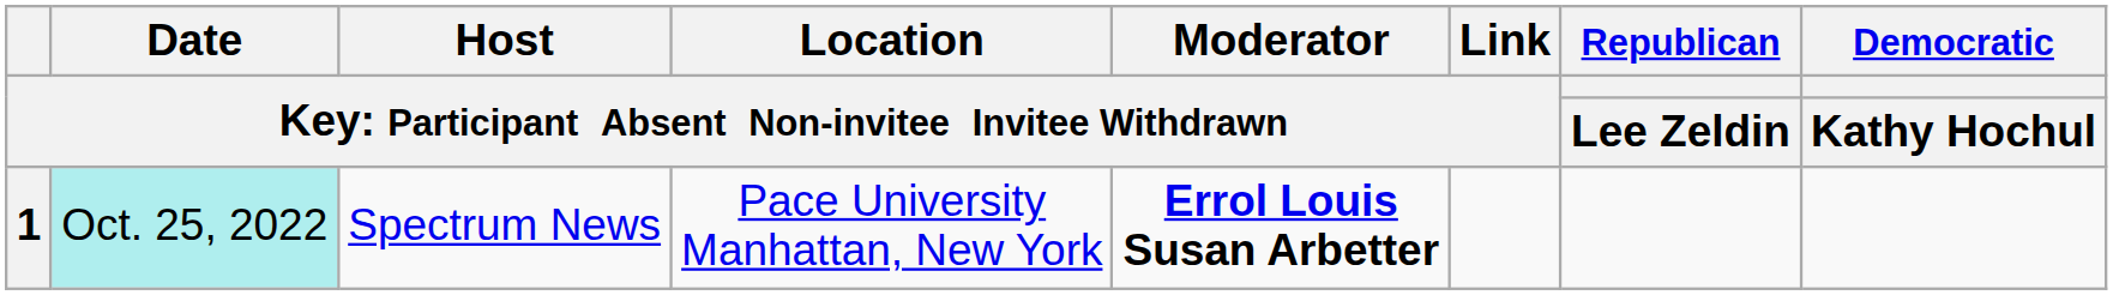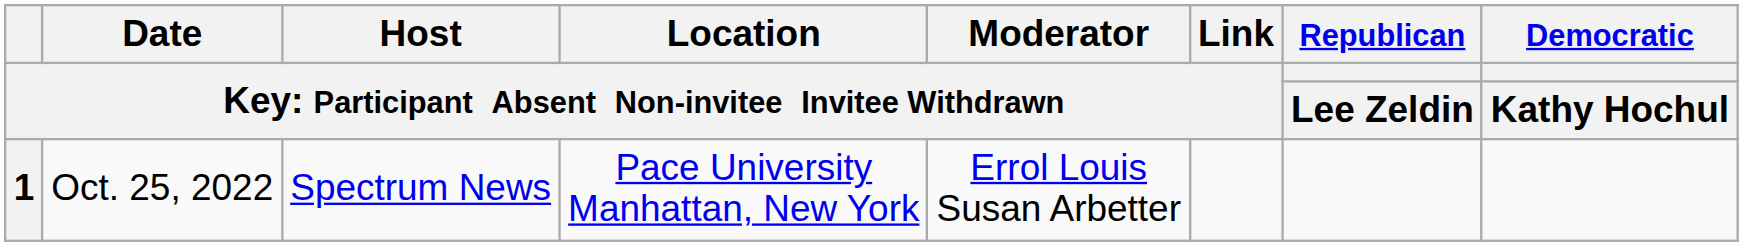 <table class="wikitable" style="text-align:center;">
 <tr>
 <th scope="col"></th>
 <th scope="col">Date</th>
 <th scope="col">Host</th>
 <th>Location</th>
 <th scope="col">Moderator</th>
 <th scope="col">Link</th>
 <th scope="col"><small><a href='#'>Republican</a></small></th>
 <th scope="col"><small><a href='#'>Democratic</a></small></th>
 </tr>
 <tr>
 <th colspan="6" rowspan="2">Key:  <small>Participant </small>  <small>Absent </small>  <small>Non-invitee </small>  <small>Invitee  Withdrawn</small></th>
 <th scope="col" style="background:"></th>
 <th scope="col" style="background:"></th>
 </tr>
 <tr>
 <th scope="col">Lee Zeldin</th>
 <th scope="col">Kathy Hochul</th>
 </tr>
 <tr>
 <th scope="row">1</th>
-<td style="background: paleturquoise; white-space:nowrap;">Oct. 25, 2022</td>
+<td style="white-space:nowrap;">Oct. 25, 2022</td>
 <td style="white-space:nowrap;"><a href='#'>Spectrum News</a></td>
 <td><a href='#'>Pace University</a><br><a href='#'>Manhattan, New York</a></td>
-<td style="white-space:nowrap;"><strong><a href='#'>Errol Louis</a><br>Susan Arbetter</strong></td>
+<td style="white-space:nowrap;"><a href='#'>Errol Louis</a><br>Susan Arbetter</td>
 <td style="white-space:nowrap;"></td>
 <td></td>
 <td></td>
 </tr>
 </table>
